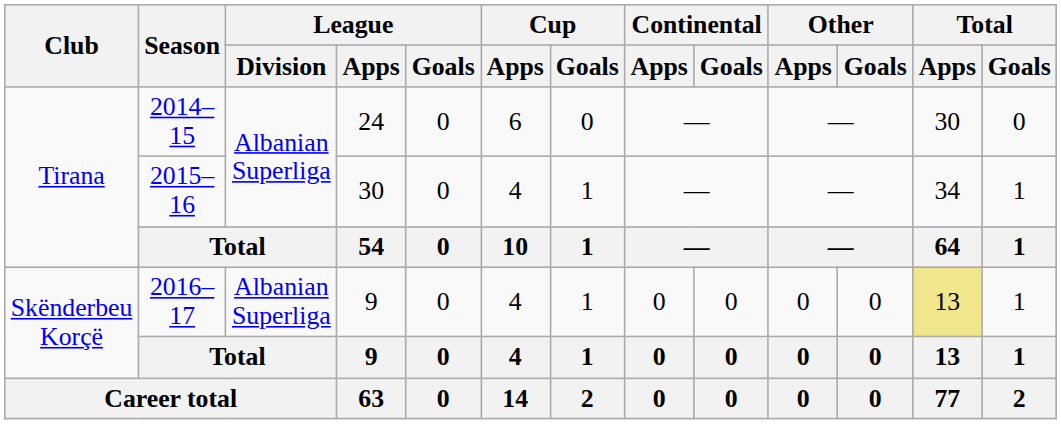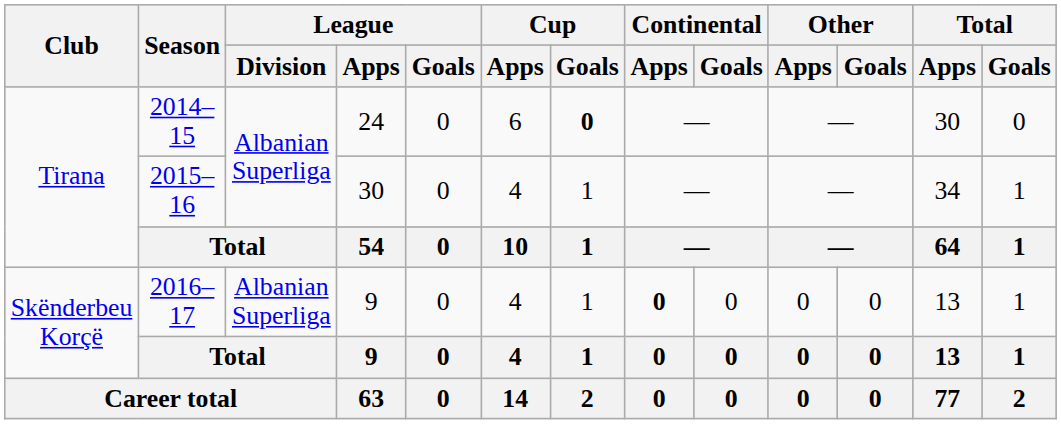 <table class="wikitable" style="text-align:center">
 <tr>
 <th rowspan="2">Club</th>
 <th rowspan="2">Season</th>
 <th colspan="3">League</th>
 <th colspan="2">Cup</th>
 <th colspan="2">Continental</th>
 <th colspan="2">Other</th>
 <th colspan="2">Total</th>
 </tr>
 <tr>
 <th>Division</th>
 <th>Apps</th>
 <th>Goals</th>
 <th>Apps</th>
 <th>Goals</th>
 <th>Apps</th>
 <th>Goals</th>
 <th>Apps</th>
 <th>Goals</th>
 <th>Apps</th>
 <th>Goals</th>
 </tr>
 <tr>
 <td rowspan="3"><a href='#'>Tirana</a></td>
 <td><a href='#'>2014–15</a></td>
 <td rowspan="2"><a href='#'>Albanian Superliga</a></td>
 <td>24</td>
 <td>0</td>
 <td>6</td>
-<td>0</td>
+<td><strong>0</strong></td>
 <td colspan="2">—</td>
 <td colspan="2">—</td>
 <td>30</td>
 <td>0</td>
 </tr>
 <tr>
 <td><a href='#'>2015–16</a></td>
 <td>30</td>
 <td>0</td>
 <td>4</td>
 <td>1</td>
 <td colspan="2">—</td>
 <td colspan="2">—</td>
 <td>34</td>
 <td>1</td>
 </tr>
 <tr>
 <th colspan="2">Total</th>
 <th>54</th>
 <th>0</th>
 <th>10</th>
 <th>1</th>
 <th colspan="2">—</th>
 <th colspan="2">—</th>
 <th>64</th>
 <th>1</th>
 </tr>
 <tr>
 <td rowspan="2"><a href='#'>Skënderbeu Korçë</a></td>
 <td><a href='#'>2016–17</a></td>
 <td rowspan="1"><a href='#'>Albanian Superliga</a></td>
 <td>9</td>
 <td>0</td>
 <td>4</td>
 <td>1</td>
+<td><strong>0</strong></td>
 <td>0</td>
 <td>0</td>
 <td>0</td>
-<td>0</td>
-<td style="background: khaki;">13</td>
+<td>13</td>
 <td>1</td>
 </tr>
 <tr>
 <th colspan="2">Total</th>
 <th>9</th>
 <th>0</th>
 <th>4</th>
 <th>1</th>
 <th>0</th>
 <th>0</th>
 <th>0</th>
 <th>0</th>
 <th>13</th>
 <th>1</th>
 </tr>
 <tr>
 <th colspan="3">Career total</th>
 <th>63</th>
 <th>0</th>
 <th>14</th>
 <th>2</th>
 <th>0</th>
 <th>0</th>
 <th>0</th>
 <th>0</th>
 <th>77</th>
 <th>2</th>
 </tr>
 </table>
